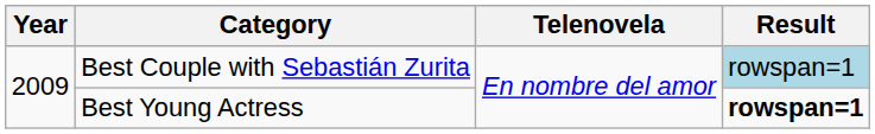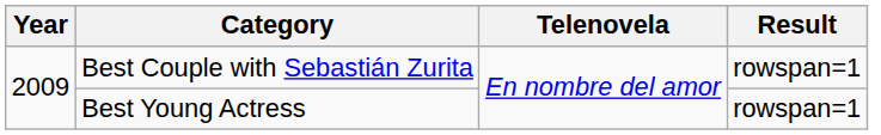 <table class="wikitable">
 <tr style="background:#b0c4de;">
 <th>Year</th>
 <th>Category</th>
 <th>Telenovela</th>
 <th>Result</th>
 </tr>
 <tr>
 <td rowspan="2">2009</td>
 <td>Best Couple with <a href='#'>Sebastián Zurita</a></td>
 <td rowspan="2"><em><a href='#'>En nombre del amor</a></em></td>
-<td style="background: lightblue;">rowspan=1 </td>
+<td>rowspan=1 </td>
 </tr>
 <tr>
 <td>Best Young Actress</td>
-<td><strong>rowspan=1 </strong></td>
+<td>rowspan=1 </td>
 </tr>
 </table>
